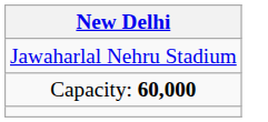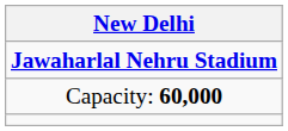 <table class="wikitable" style="text-align:center">
 <tr>
 <th><a href='#'>New Delhi</a></th>
 </tr>
 <tr>
-<td><a href='#'>Jawaharlal Nehru Stadium</a></td>
+<td><strong><a href='#'>Jawaharlal Nehru Stadium</a></strong></td>
 </tr>
 <tr>
 <td>Capacity: <strong>60,000</strong></td>
 </tr>
 <tr>
 <td></td>
 </tr>
 </table>
